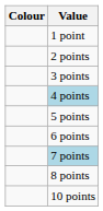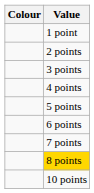 <table class="wikitable" style="font-size:90%;float:right; margin:1em 2em 1em 0em;">
 <tr>
 <th>Colour</th>
 <th>Value</th>
 </tr>
 <tr>
 <td> </td>
 <td>1 point</td>
 </tr>
 <tr>
 <td> </td>
 <td>2 points</td>
 </tr>
 <tr>
 <td> </td>
 <td>3 points</td>
 </tr>
 <tr>
 <td> </td>
-<td style="background: lightblue;">4 points</td>
+<td>4 points</td>
 </tr>
 <tr>
 <td> </td>
 <td>5 points</td>
 </tr>
 <tr>
 <td> </td>
 <td>6 points</td>
 </tr>
 <tr>
 <td> </td>
-<td style="background: lightblue;">7 points</td>
+<td>7 points</td>
 </tr>
 <tr>
 <td> </td>
-<td>8 points</td>
+<td style="background: gold;">8 points</td>
 </tr>
 <tr>
 <td> </td>
 <td>10 points</td>
 </tr>
 </table>
